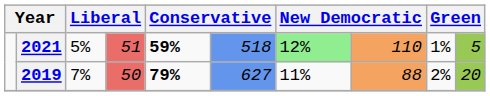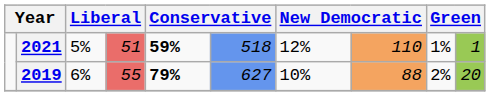 <table class="wikitable" style="float:right; width:400; font-size:90%; margin-left:1em;">
 <tr>
 <th colspan="2" scope="col">Year</th>
 <th colspan="2" scope="col"><a href='#'>Liberal</a></th>
 <th colspan="2" scope="col"><a href='#'>Conservative</a></th>
 <th colspan="2" scope="col"><a href='#'>New Democratic</a></th>
 <th colspan="2" scope="col"><a href='#'>Green</a></th>
 </tr>
 <tr>
 <td rowspan="2" style="width: 0.25em; background-color: "></td>
 <th><a href='#'>2021</a></th>
 <td>5%</td>
 <td style="text-align:right; background:#EA6D6A;"><em>51</em></td>
 <td><strong>59%</strong></td>
 <td style="text-align:right; background:#6495ED;"><em>518</em></td>
-<td style="background: lightgreen;">12%</td>
+<td>12%</td>
 <td style="text-align:right; background:#F4A460;"><em>110</em></td>
 <td>1%</td>
-<td style="text-align:right; background:#99C955;"><em>5</em></td>
+<td style="text-align:right; background:#99C955;"><em>1</em></td>
 </tr>
 <tr>
 <th><a href='#'>2019</a></th>
-<td>7%</td>
-<td style="text-align:right; background:#EA6D6A;"><em>50</em></td>
+<td>6%</td>
+<td style="text-align:right; background:#EA6D6A;"><em>55</em></td>
 <td><strong>79%</strong></td>
 <td style="text-align:right; background:#6495ED;"><em>627</em></td>
-<td>11%</td>
+<td>10%</td>
 <td style="text-align:right; background:#F4A460;"><em>88</em></td>
 <td>2%</td>
 <td style="text-align:right; background:#99C955;"><em>20</em></td>
 </tr>
 <tr>
 </tr>
 </table>
